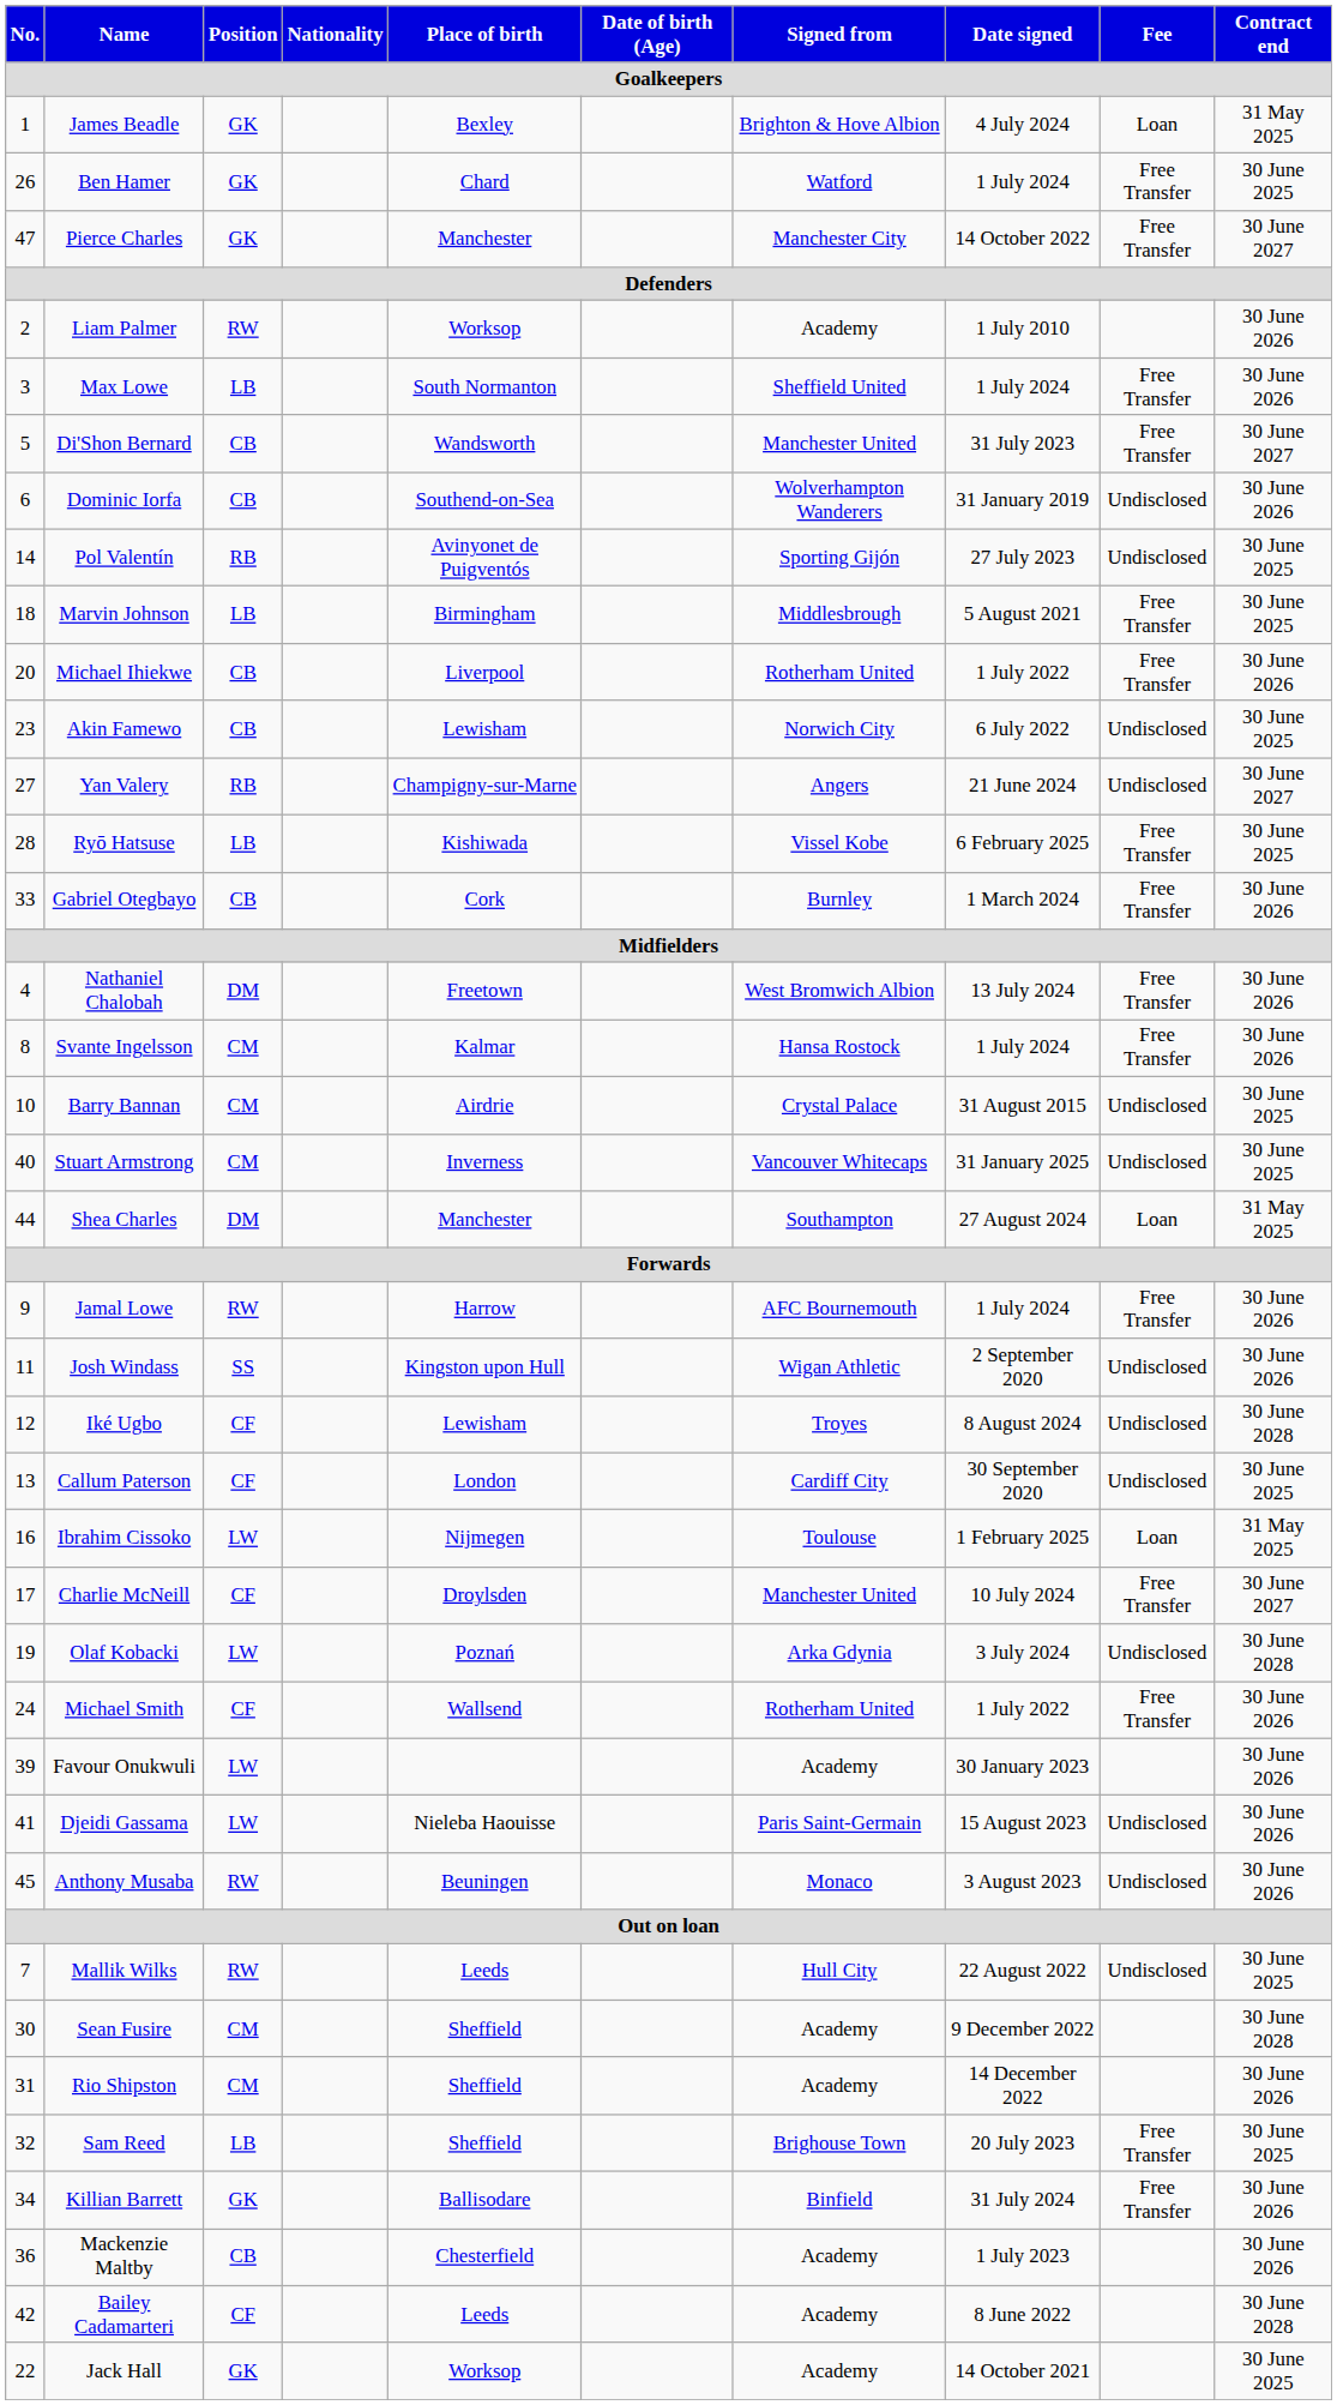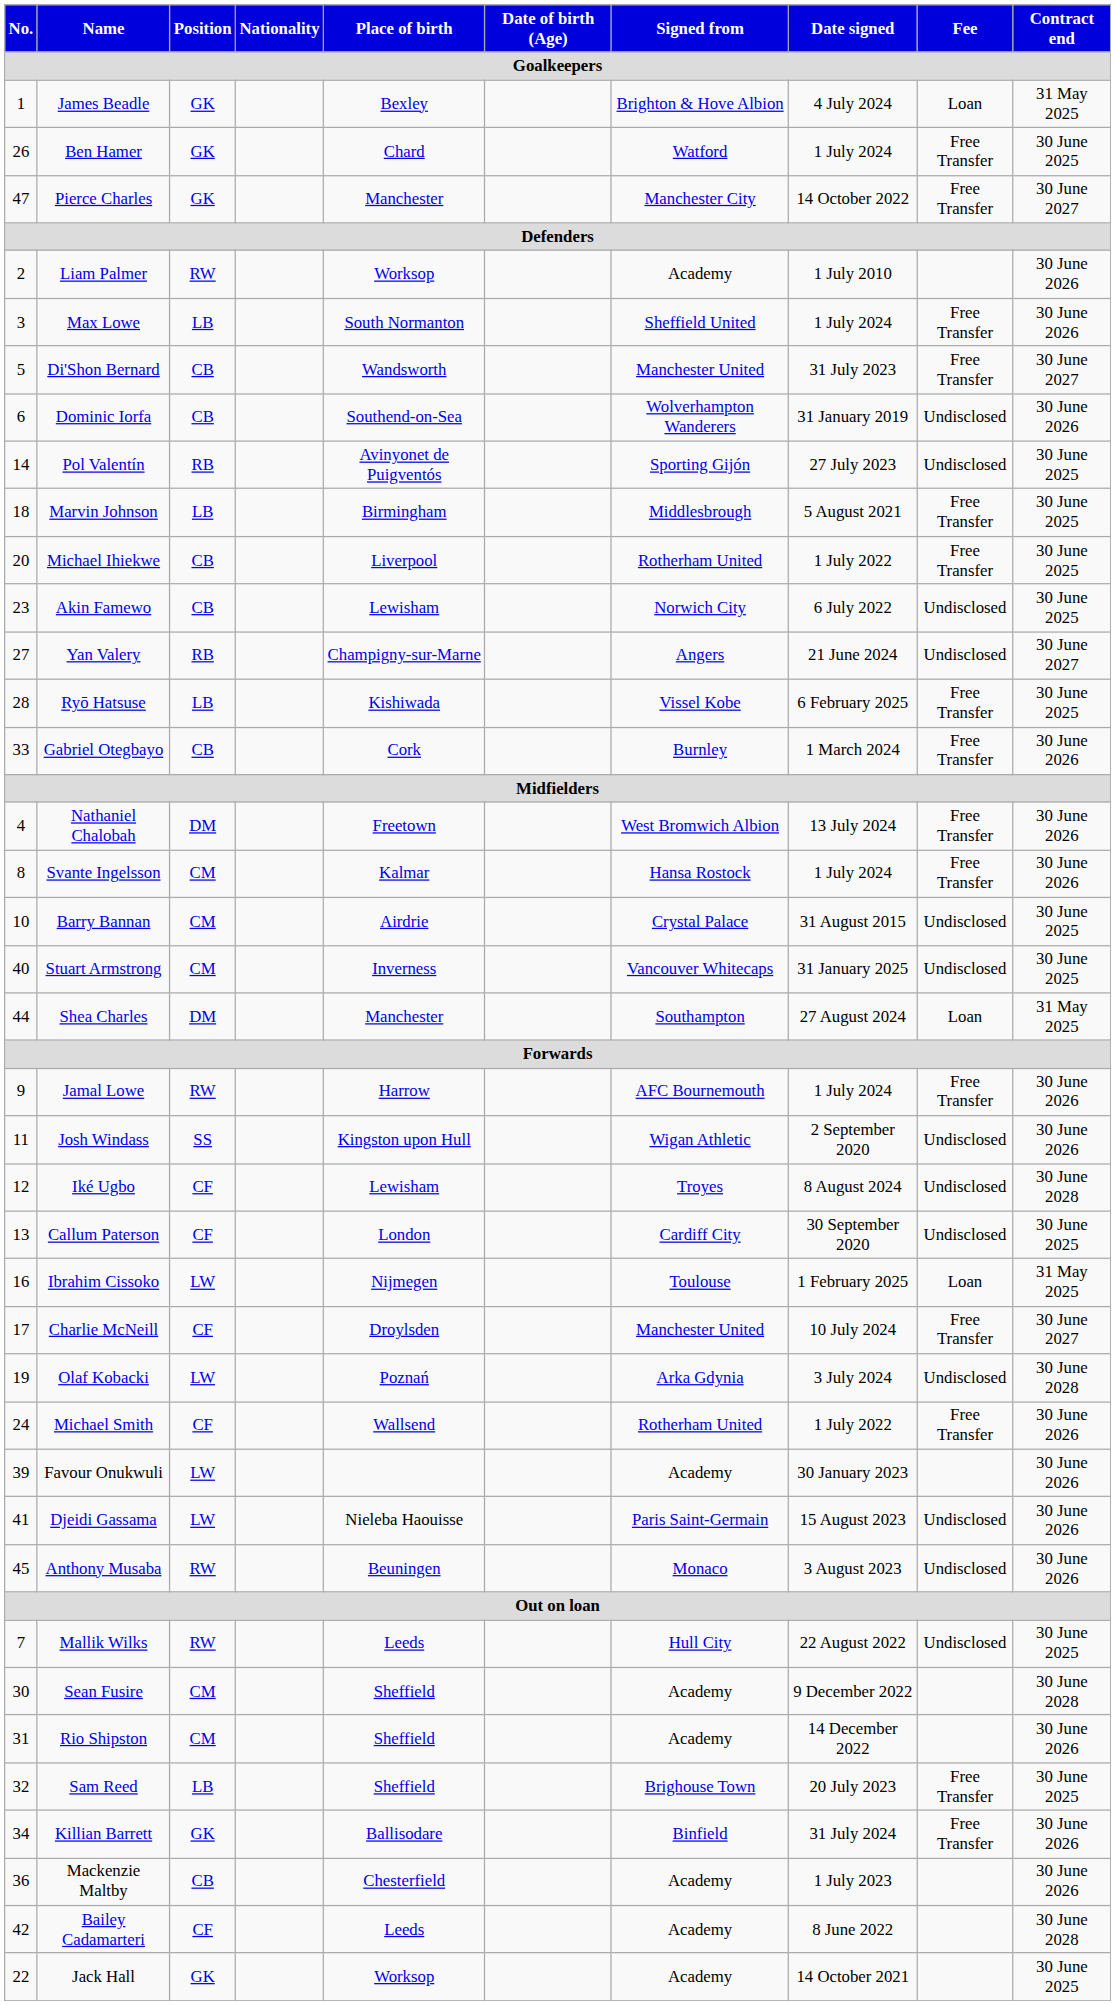 <table class="wikitable" style="text-align:center; font-size:84.5%; width:101%;">
 <tr>
 <th style="color:white; background:#00d; text-align:center;">No.</th>
 <th style="color:white; background:#00d; text-align:center;">Name</th>
 <th style="color:white; background:#00d; text-align:center;">Position</th>
 <th style="color:white; background:#00d; text-align:center;">Nationality</th>
 <th style="color:white; background:#00d; text-align:center;">Place of birth</th>
 <th style="color:white; background:#00d; text-align:center;">Date of birth (Age)</th>
 <th style="color:white; background:#00d; text-align:center;">Signed from</th>
 <th style="color:white; background:#00d; text-align:center;">Date signed</th>
 <th style="color:white; background:#00d; text-align:center;">Fee</th>
 <th style="color:white; background:#00d; text-align:center;">Contract end</th>
 </tr>
 <tr>
 <th colspan="14" style="background:#dcdcdc; tepxt-align:center;">Goalkeepers</th>
 </tr>
 <tr>
 <td>1</td>
 <td><a href='#'>James Beadle</a></td>
 <td><a href='#'>GK</a></td>
 <td></td>
 <td><a href='#'>Bexley</a></td>
 <td></td>
 <td><a href='#'>Brighton & Hove Albion</a></td>
 <td>4 July 2024</td>
 <td>Loan</td>
 <td>31 May 2025</td>
 </tr>
 <tr>
 <td>26</td>
 <td><a href='#'>Ben Hamer</a></td>
 <td><a href='#'>GK</a></td>
 <td></td>
 <td><a href='#'>Chard</a></td>
 <td></td>
 <td><a href='#'>Watford</a></td>
 <td>1 July 2024</td>
 <td>Free Transfer</td>
 <td>30 June 2025</td>
 </tr>
 <tr>
 <td>47</td>
 <td><a href='#'>Pierce Charles</a></td>
 <td><a href='#'>GK</a></td>
 <td></td>
 <td><a href='#'>Manchester</a></td>
 <td></td>
 <td><a href='#'>Manchester City</a></td>
 <td>14 October 2022</td>
 <td>Free Transfer</td>
 <td>30 June 2027</td>
 </tr>
 <tr>
 <th colspan="14" style="background:#dcdcdc; tepxt-align:center;">Defenders</th>
 </tr>
 <tr>
 <td>2</td>
 <td><a href='#'>Liam Palmer</a></td>
 <td><a href='#'>RW</a></td>
 <td></td>
 <td><a href='#'>Worksop</a></td>
 <td></td>
 <td>Academy</td>
 <td>1 July 2010</td>
 <td></td>
 <td>30 June 2026</td>
 </tr>
 <tr>
 <td>3</td>
 <td><a href='#'>Max Lowe</a></td>
 <td><a href='#'>LB</a></td>
 <td></td>
 <td><a href='#'>South Normanton</a></td>
 <td></td>
 <td><a href='#'>Sheffield United</a></td>
 <td>1 July 2024</td>
 <td>Free Transfer</td>
 <td>30 June 2026</td>
 </tr>
 <tr>
 <td>5</td>
 <td><a href='#'>Di'Shon Bernard</a></td>
 <td><a href='#'>CB</a></td>
 <td></td>
 <td><a href='#'>Wandsworth</a></td>
 <td></td>
 <td><a href='#'>Manchester United</a></td>
 <td>31 July 2023</td>
 <td>Free Transfer</td>
 <td>30 June 2027</td>
 </tr>
 <tr>
 <td>6</td>
 <td><a href='#'>Dominic Iorfa</a></td>
 <td><a href='#'>CB</a></td>
 <td></td>
 <td><a href='#'>Southend-on-Sea</a></td>
 <td></td>
 <td><a href='#'>Wolverhampton Wanderers</a></td>
 <td>31 January 2019</td>
 <td>Undisclosed</td>
 <td>30 June 2026</td>
 </tr>
 <tr>
 <td>14</td>
 <td><a href='#'>Pol Valentín</a></td>
 <td><a href='#'>RB</a></td>
 <td></td>
 <td><a href='#'>Avinyonet de Puigventós</a></td>
 <td></td>
 <td><a href='#'>Sporting Gijón</a></td>
 <td>27 July 2023</td>
 <td>Undisclosed</td>
 <td>30 June 2025</td>
 </tr>
 <tr>
 <td>18</td>
 <td><a href='#'>Marvin Johnson</a></td>
 <td><a href='#'>LB</a></td>
 <td></td>
 <td><a href='#'>Birmingham</a></td>
 <td></td>
 <td><a href='#'>Middlesbrough</a></td>
 <td>5 August 2021</td>
 <td>Free Transfer</td>
 <td>30 June 2025</td>
 </tr>
 <tr>
 <td>20</td>
 <td><a href='#'>Michael Ihiekwe</a></td>
 <td><a href='#'>CB</a></td>
 <td></td>
 <td><a href='#'>Liverpool</a></td>
 <td></td>
 <td><a href='#'>Rotherham United</a></td>
 <td>1 July 2022</td>
 <td>Free Transfer</td>
-<td>30 June 2026</td>
+<td>30 June 2025</td>
 </tr>
 <tr>
 <td>23</td>
 <td><a href='#'>Akin Famewo</a></td>
 <td><a href='#'>CB</a></td>
 <td></td>
 <td><a href='#'>Lewisham</a></td>
 <td></td>
 <td><a href='#'>Norwich City</a></td>
 <td>6 July 2022</td>
 <td>Undisclosed</td>
 <td>30 June 2025</td>
 </tr>
 <tr>
 <td>27</td>
 <td><a href='#'>Yan Valery</a></td>
 <td><a href='#'>RB</a></td>
 <td></td>
 <td><a href='#'>Champigny-sur-Marne</a></td>
 <td></td>
 <td><a href='#'>Angers</a></td>
 <td>21 June 2024</td>
 <td>Undisclosed</td>
 <td>30 June 2027</td>
 </tr>
 <tr>
 <td>28</td>
 <td><a href='#'>Ryō Hatsuse</a></td>
 <td><a href='#'>LB</a></td>
 <td></td>
 <td><a href='#'>Kishiwada</a></td>
 <td></td>
 <td><a href='#'>Vissel Kobe</a></td>
 <td>6 February 2025</td>
 <td>Free Transfer</td>
 <td>30 June 2025</td>
 </tr>
 <tr>
 <td>33</td>
 <td><a href='#'>Gabriel Otegbayo</a></td>
 <td><a href='#'>CB</a></td>
 <td></td>
 <td><a href='#'>Cork</a></td>
 <td></td>
 <td><a href='#'>Burnley</a></td>
 <td>1 March 2024</td>
 <td>Free Transfer</td>
 <td>30 June 2026</td>
 </tr>
 <tr>
 <th colspan="14" style="background:#dcdcdc; tepxt-align:center;">Midfielders</th>
 </tr>
 <tr>
 <td>4</td>
 <td><a href='#'>Nathaniel Chalobah</a></td>
 <td><a href='#'>DM</a></td>
 <td></td>
 <td><a href='#'>Freetown</a></td>
 <td></td>
 <td><a href='#'>West Bromwich Albion</a></td>
 <td>13 July 2024</td>
 <td>Free Transfer</td>
 <td>30 June 2026</td>
 </tr>
 <tr>
 <td>8</td>
 <td><a href='#'>Svante Ingelsson</a></td>
 <td><a href='#'>CM</a></td>
 <td></td>
 <td><a href='#'>Kalmar</a></td>
 <td></td>
 <td><a href='#'>Hansa Rostock</a></td>
 <td>1 July 2024</td>
 <td>Free Transfer</td>
 <td>30 June 2026</td>
 </tr>
 <tr>
 <td>10</td>
 <td><a href='#'>Barry Bannan</a></td>
 <td><a href='#'>CM</a></td>
 <td></td>
 <td><a href='#'>Airdrie</a></td>
 <td></td>
 <td><a href='#'>Crystal Palace</a></td>
 <td>31 August 2015</td>
 <td>Undisclosed</td>
 <td>30 June 2025</td>
 </tr>
 <tr>
 <td>40</td>
 <td><a href='#'>Stuart Armstrong</a></td>
 <td><a href='#'>CM</a></td>
 <td></td>
 <td><a href='#'>Inverness</a></td>
 <td></td>
 <td><a href='#'>Vancouver Whitecaps</a></td>
 <td>31 January 2025</td>
 <td>Undisclosed</td>
 <td>30 June 2025</td>
 </tr>
 <tr>
 <td>44</td>
 <td><a href='#'>Shea Charles</a></td>
 <td><a href='#'>DM</a></td>
 <td></td>
 <td><a href='#'>Manchester</a></td>
 <td></td>
 <td><a href='#'>Southampton</a></td>
 <td>27 August 2024</td>
 <td>Loan</td>
 <td>31 May 2025</td>
 </tr>
 <tr>
 <th colspan="14" style="background:#dcdcdc; tepxt-align:center;">Forwards</th>
 </tr>
 <tr>
 <td>9</td>
 <td><a href='#'>Jamal Lowe</a></td>
 <td><a href='#'>RW</a></td>
 <td></td>
 <td><a href='#'>Harrow</a></td>
 <td></td>
 <td><a href='#'>AFC Bournemouth</a></td>
 <td>1 July 2024</td>
 <td>Free Transfer</td>
 <td>30 June 2026</td>
 </tr>
 <tr>
 <td>11</td>
 <td><a href='#'>Josh Windass</a></td>
 <td><a href='#'>SS</a></td>
 <td></td>
 <td><a href='#'>Kingston upon Hull</a></td>
 <td></td>
 <td><a href='#'>Wigan Athletic</a></td>
 <td>2 September 2020</td>
 <td>Undisclosed</td>
 <td>30 June 2026</td>
 </tr>
 <tr>
 <td>12</td>
 <td><a href='#'>Iké Ugbo</a></td>
 <td><a href='#'>CF</a></td>
 <td></td>
 <td><a href='#'>Lewisham</a></td>
 <td></td>
 <td><a href='#'>Troyes</a></td>
 <td>8 August 2024</td>
 <td>Undisclosed</td>
 <td>30 June 2028</td>
 </tr>
 <tr>
 <td>13</td>
 <td><a href='#'>Callum Paterson</a></td>
 <td><a href='#'>CF</a></td>
 <td></td>
 <td><a href='#'>London</a></td>
 <td></td>
 <td><a href='#'>Cardiff City</a></td>
 <td>30 September 2020</td>
 <td>Undisclosed</td>
 <td>30 June 2025</td>
 </tr>
 <tr>
 <td>16</td>
 <td><a href='#'>Ibrahim Cissoko</a></td>
 <td><a href='#'>LW</a></td>
 <td></td>
 <td><a href='#'>Nijmegen</a></td>
 <td></td>
 <td><a href='#'>Toulouse</a></td>
 <td>1 February 2025</td>
 <td>Loan</td>
 <td>31 May 2025</td>
 </tr>
 <tr>
 <td>17</td>
 <td><a href='#'>Charlie McNeill</a></td>
 <td><a href='#'>CF</a></td>
 <td></td>
 <td><a href='#'>Droylsden</a></td>
 <td></td>
 <td><a href='#'>Manchester United</a></td>
 <td>10 July 2024</td>
 <td>Free Transfer</td>
 <td>30 June 2027</td>
 </tr>
 <tr>
 <td>19</td>
 <td><a href='#'>Olaf Kobacki</a></td>
 <td><a href='#'>LW</a></td>
 <td></td>
 <td><a href='#'>Poznań</a></td>
 <td></td>
 <td><a href='#'>Arka Gdynia</a></td>
 <td>3 July 2024</td>
 <td>Undisclosed</td>
 <td>30 June 2028</td>
 </tr>
 <tr>
 <td>24</td>
 <td><a href='#'>Michael Smith</a></td>
 <td><a href='#'>CF</a></td>
 <td></td>
 <td><a href='#'>Wallsend</a></td>
 <td></td>
 <td><a href='#'>Rotherham United</a></td>
 <td>1 July 2022</td>
 <td>Free Transfer</td>
 <td>30 June 2026</td>
 </tr>
 <tr>
 <td>39</td>
 <td>Favour Onukwuli</td>
 <td><a href='#'>LW</a></td>
 <td></td>
 <td></td>
 <td></td>
 <td>Academy</td>
 <td>30 January 2023</td>
 <td></td>
 <td>30 June 2026</td>
 </tr>
 <tr>
 <td>41</td>
 <td><a href='#'>Djeidi Gassama</a></td>
 <td><a href='#'>LW</a></td>
 <td></td>
 <td>Nieleba Haouisse</td>
 <td></td>
 <td><a href='#'>Paris Saint-Germain</a></td>
 <td>15 August 2023</td>
 <td>Undisclosed</td>
 <td>30 June 2026</td>
 </tr>
 <tr>
 <td>45</td>
 <td><a href='#'>Anthony Musaba</a></td>
 <td><a href='#'>RW</a></td>
 <td></td>
 <td><a href='#'>Beuningen</a></td>
 <td></td>
 <td><a href='#'>Monaco</a></td>
 <td>3 August 2023</td>
 <td>Undisclosed</td>
 <td>30 June 2026</td>
 </tr>
 <tr>
 <th colspan="14" style="background:#dcdcdc; tepxt-align:center;">Out on loan</th>
 </tr>
 <tr>
 <td>7</td>
 <td><a href='#'>Mallik Wilks</a></td>
 <td><a href='#'>RW</a></td>
 <td></td>
 <td><a href='#'>Leeds</a></td>
 <td></td>
 <td><a href='#'>Hull City</a></td>
 <td>22 August 2022</td>
 <td>Undisclosed</td>
 <td>30 June 2025</td>
 </tr>
 <tr>
 <td>30</td>
 <td><a href='#'>Sean Fusire</a></td>
 <td><a href='#'>CM</a></td>
 <td></td>
 <td><a href='#'>Sheffield</a></td>
 <td></td>
 <td>Academy</td>
 <td>9 December 2022</td>
 <td></td>
 <td>30 June 2028</td>
 </tr>
 <tr>
 <td>31</td>
 <td><a href='#'>Rio Shipston</a></td>
 <td><a href='#'>CM</a></td>
 <td></td>
 <td><a href='#'>Sheffield</a></td>
 <td></td>
 <td>Academy</td>
 <td>14 December 2022</td>
 <td></td>
 <td>30 June 2026</td>
 </tr>
 <tr>
 <td>32</td>
 <td><a href='#'>Sam Reed</a></td>
 <td><a href='#'>LB</a></td>
 <td></td>
 <td><a href='#'>Sheffield</a></td>
 <td></td>
 <td><a href='#'>Brighouse Town</a></td>
 <td>20 July 2023</td>
 <td>Free Transfer</td>
 <td>30 June 2025</td>
 </tr>
 <tr>
 <td>34</td>
 <td><a href='#'>Killian Barrett</a></td>
 <td><a href='#'>GK</a></td>
 <td></td>
 <td><a href='#'>Ballisodare</a></td>
 <td></td>
 <td><a href='#'>Binfield</a></td>
 <td>31 July 2024</td>
 <td>Free Transfer</td>
 <td>30 June 2026</td>
 </tr>
 <tr>
 <td>36</td>
 <td>Mackenzie Maltby</td>
 <td><a href='#'>CB</a></td>
 <td></td>
 <td><a href='#'>Chesterfield</a></td>
 <td></td>
 <td>Academy</td>
 <td>1 July 2023</td>
 <td></td>
 <td>30 June 2026</td>
 </tr>
 <tr>
 <td>42</td>
 <td><a href='#'>Bailey Cadamarteri</a></td>
 <td><a href='#'>CF</a></td>
 <td></td>
 <td><a href='#'>Leeds</a></td>
 <td></td>
 <td>Academy</td>
 <td>8 June 2022</td>
 <td></td>
 <td>30 June 2028</td>
 </tr>
 <tr>
 <td>22</td>
 <td>Jack Hall</td>
 <td><a href='#'>GK</a></td>
 <td></td>
 <td><a href='#'>Worksop</a></td>
 <td></td>
 <td>Academy</td>
 <td>14 October 2021</td>
 <td></td>
 <td>30 June 2025</td>
 </tr>
 <tr>
 </tr>
 </table>
